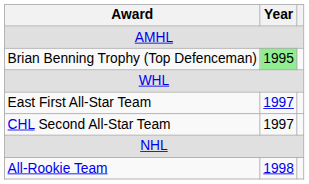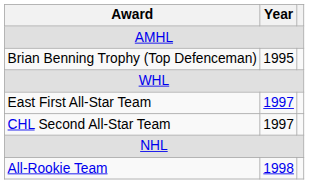 <table class="wikitable">
 <tr>
 <th>Award</th>
 <th>Year</th>
 <th></th>
 </tr>
 <tr ALIGN="center" bgcolor="#e0e0e0">
 <td colspan="3"><a href='#'>AMHL</a></td>
 </tr>
 <tr>
 <td>Brian Benning Trophy (Top Defenceman)</td>
-<td style="background: lightgreen;">1995</td>
+<td>1995</td>
 <td></td>
 </tr>
 <tr ALIGN="center" bgcolor="#e0e0e0">
 <td colspan="3"><a href='#'>WHL</a></td>
 </tr>
 <tr>
 <td>East First All-Star Team</td>
 <td><a href='#'>1997</a></td>
 <td></td>
 </tr>
 <tr>
 <td><a href='#'>CHL</a> Second All-Star Team</td>
 <td>1997</td>
 <td></td>
 </tr>
 <tr ALIGN="center" bgcolor="#e0e0e0">
 <td colspan="3"><a href='#'>NHL</a></td>
 </tr>
 <tr>
 <td><a href='#'>All-Rookie Team</a></td>
 <td><a href='#'>1998</a></td>
 <td></td>
 </tr>
 </table>
